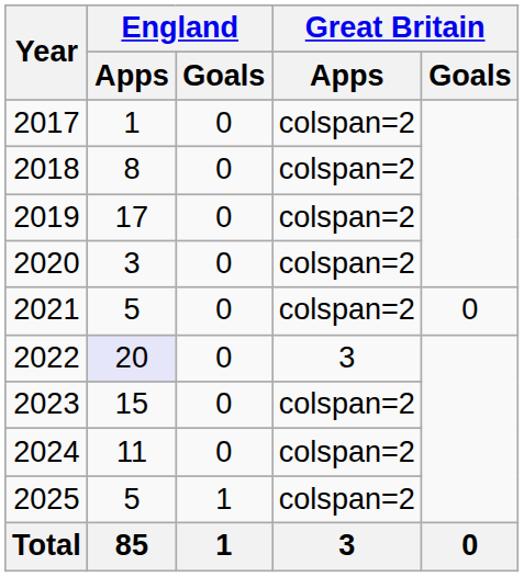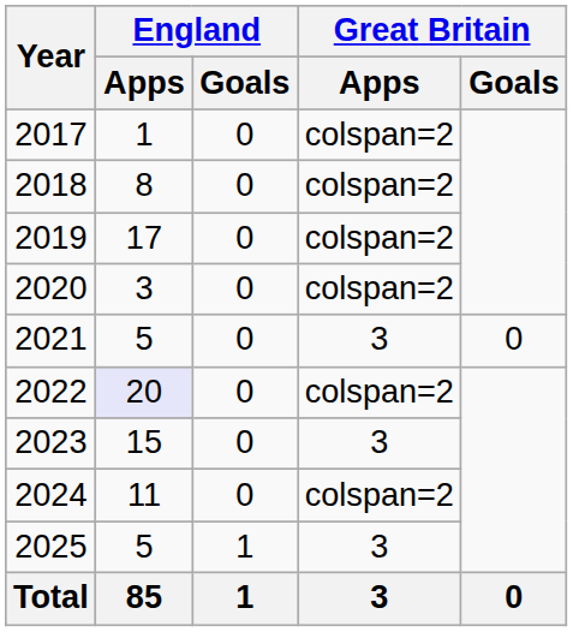 <table class="wikitable" style="text-align:center">
 <tr>
 <th rowspan=2>Year</th>
 <th colspan=2><a href='#'>England</a></th>
 <th colspan=2><a href='#'>Great Britain</a></th>
 </tr>
 <tr>
 <th>Apps</th>
 <th>Goals</th>
 <th>Apps</th>
 <th>Goals</th>
 </tr>
 <tr>
 <td>2017</td>
 <td>1</td>
 <td>0</td>
 <td>colspan=2</td>
 </tr>
 <tr>
 <td>2018</td>
 <td>8</td>
 <td>0</td>
 <td>colspan=2</td>
 </tr>
 <tr>
 <td>2019</td>
 <td>17</td>
 <td>0</td>
 <td>colspan=2</td>
 </tr>
 <tr>
 <td>2020</td>
 <td>3</td>
 <td>0</td>
 <td>colspan=2</td>
 </tr>
 <tr>
 <td>2021</td>
 <td>5</td>
 <td>0</td>
-<td>colspan=2</td>
+<td>3</td>
 <td>0</td>
 </tr>
 <tr>
 <td>2022</td>
 <td style="background: lavender;">20</td>
 <td>0</td>
-<td>3</td>
+<td>colspan=2</td>
 </tr>
 <tr>
 <td>2023</td>
 <td>15</td>
 <td>0</td>
-<td>colspan=2</td>
+<td>3</td>
 </tr>
 <tr>
 <td>2024</td>
 <td>11</td>
 <td>0</td>
 <td>colspan=2</td>
 </tr>
 <tr>
 <td>2025</td>
 <td>5</td>
 <td>1</td>
-<td>colspan=2</td>
+<td>3</td>
 </tr>
 <tr>
 <th>Total</th>
 <th>85</th>
 <th>1</th>
 <th>3</th>
 <th>0</th>
 </tr>
 </table>
